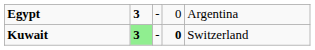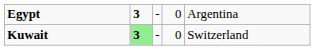 <table class="wikitable">
 <tr>
 <td width=150> <strong>Egypt</strong></td>
 <td style="width:20px; text-align:left;"><strong>3</strong></td>
 <td>-</td>
 <td style="width:20px; text-align:right;">0</td>
 <td width=150> Argentina</td>
 </tr>
 <tr>
 <td> <strong>Kuwait</strong></td>
 <td style="background: lightgreen; text-align:left;"><strong>3</strong></td>
 <td>-</td>
-<td style="text-align:right;"><strong>0</strong></td>
+<td style="text-align:right;">0</td>
 <td> Switzerland</td>
 </tr>
 </table>
